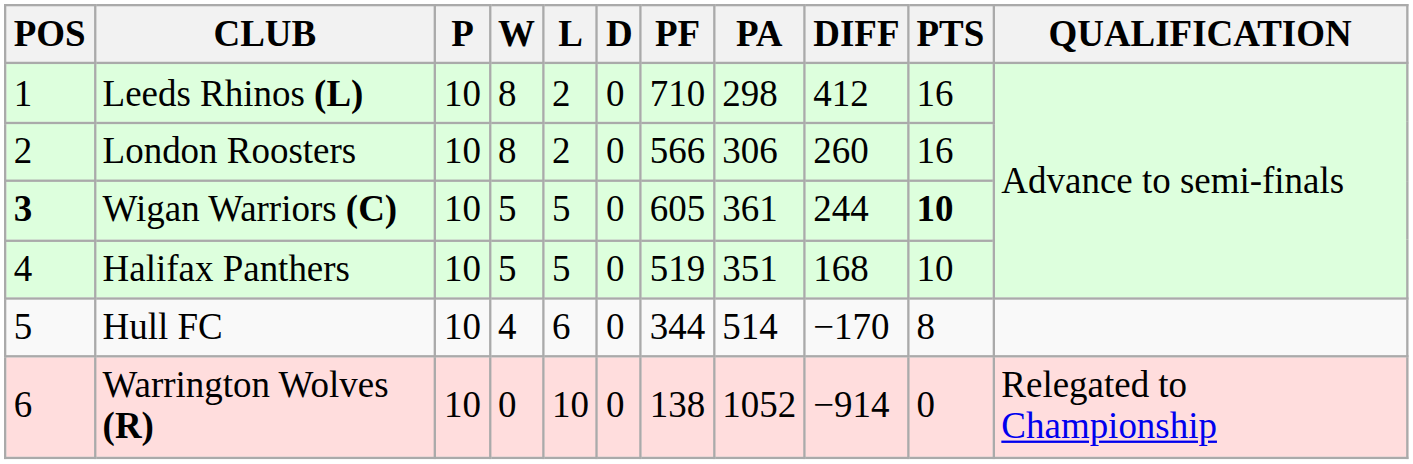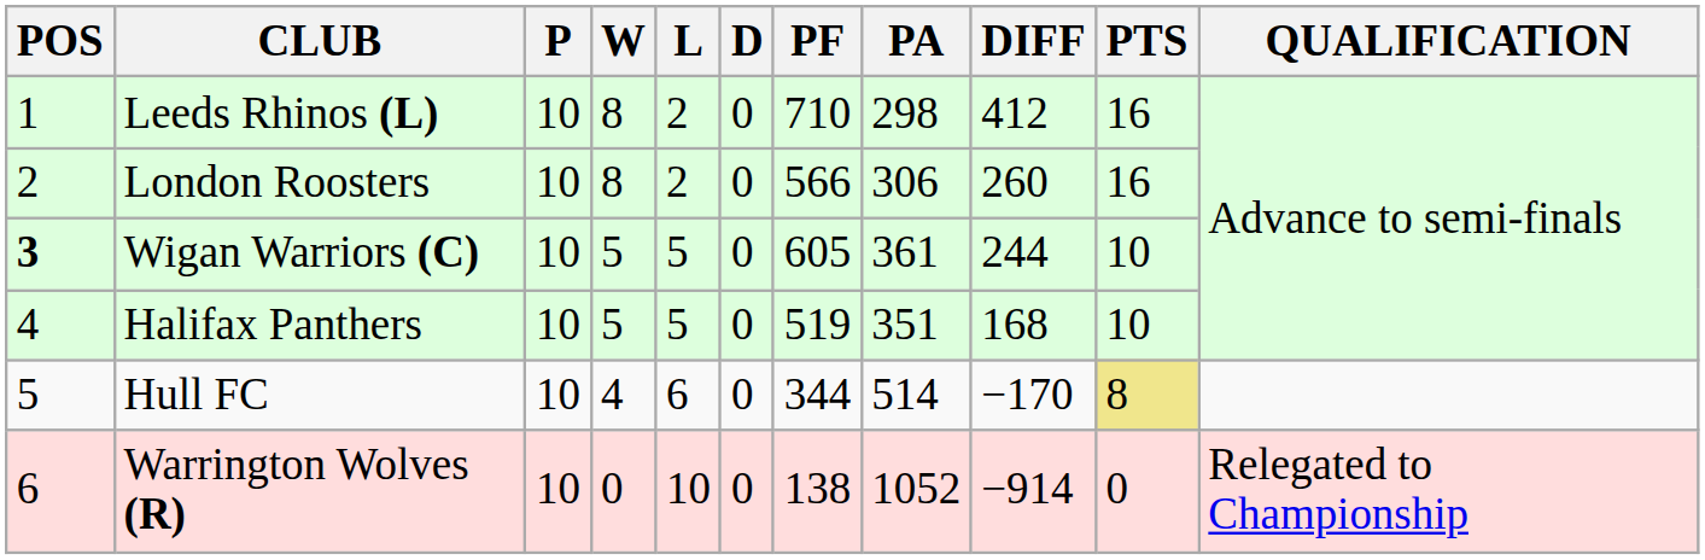 <table class="wikitable defaultcenter col2left">
 <tr>
 <th>POS</th>
 <th>CLUB</th>
 <th>P</th>
 <th>W</th>
 <th>L</th>
 <th>D</th>
 <th>PF</th>
 <th>PA</th>
 <th>DIFF</th>
 <th>PTS</th>
 <th>QUALIFICATION</th>
 </tr>
 <tr style="background:#ddffdd;">
 <td>1</td>
 <td> Leeds Rhinos <strong>(L)</strong></td>
 <td>10</td>
 <td>8</td>
 <td>2</td>
 <td>0</td>
 <td>710</td>
 <td>298</td>
 <td>412</td>
 <td>16</td>
 <td rowspan="4">Advance to semi-finals</td>
 </tr>
 <tr style="background:#ddffdd;">
 <td>2</td>
 <td> London Roosters</td>
 <td>10</td>
 <td>8</td>
 <td>2</td>
 <td>0</td>
 <td>566</td>
 <td>306</td>
 <td>260</td>
 <td>16</td>
 </tr>
 <tr style="background:#ddffdd;">
 <td><strong>3</strong></td>
 <td> Wigan Warriors <strong>(C)</strong></td>
 <td>10</td>
 <td>5</td>
 <td>5</td>
 <td>0</td>
 <td>605</td>
 <td>361</td>
 <td>244</td>
-<td><strong>10</strong></td>
+<td>10</td>
 </tr>
 <tr style="background:#ddffdd;">
 <td>4</td>
 <td> Halifax Panthers</td>
 <td>10</td>
 <td>5</td>
 <td>5</td>
 <td>0</td>
 <td>519</td>
 <td>351</td>
 <td>168</td>
 <td>10</td>
 </tr>
 <tr>
 <td>5</td>
 <td> Hull FC</td>
 <td>10</td>
 <td>4</td>
 <td>6</td>
 <td>0</td>
 <td>344</td>
 <td>514</td>
 <td>−170</td>
-<td>8</td>
+<td style="background: khaki;">8</td>
 <td></td>
 </tr>
 <tr style="background:#ffdddd;">
 <td>6</td>
 <td> Warrington Wolves <strong>(R)</strong></td>
 <td>10</td>
 <td>0</td>
 <td>10</td>
 <td>0</td>
 <td>138</td>
 <td>1052</td>
 <td>−914</td>
 <td>0</td>
 <td>Relegated to <a href='#'>Championship</a></td>
 </tr>
 </table>
